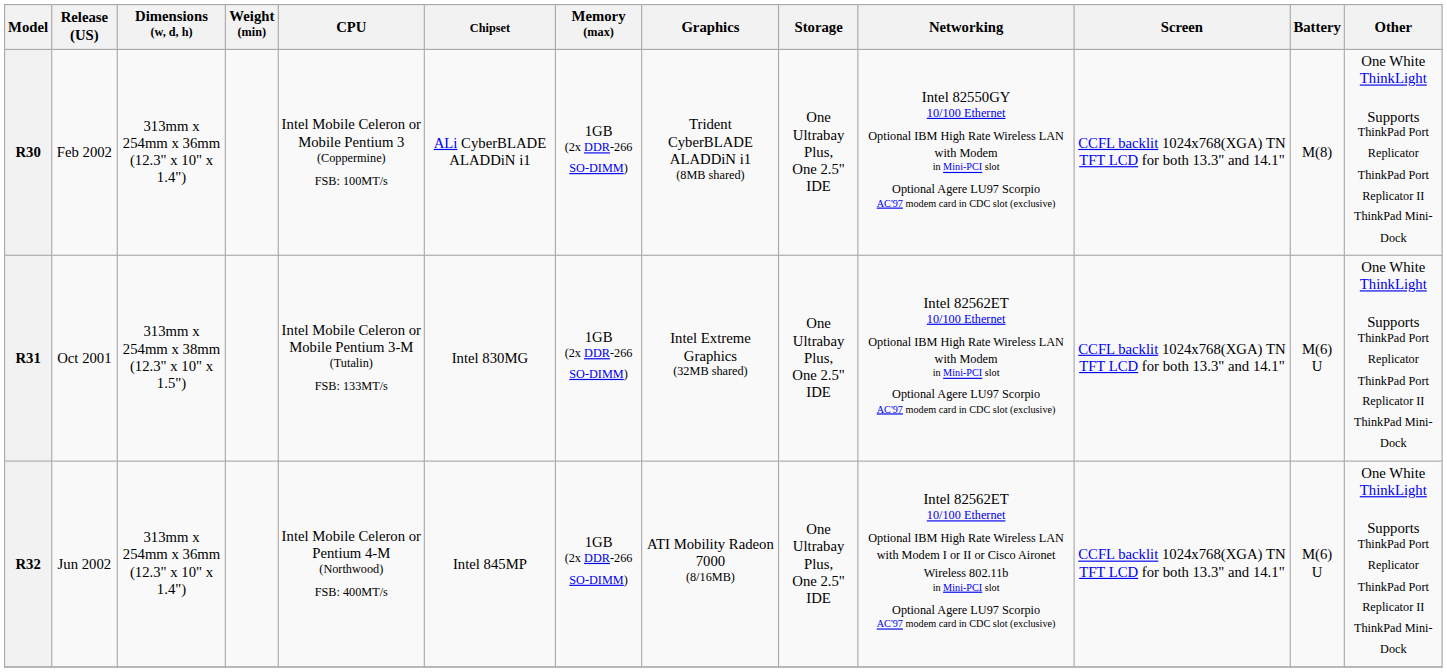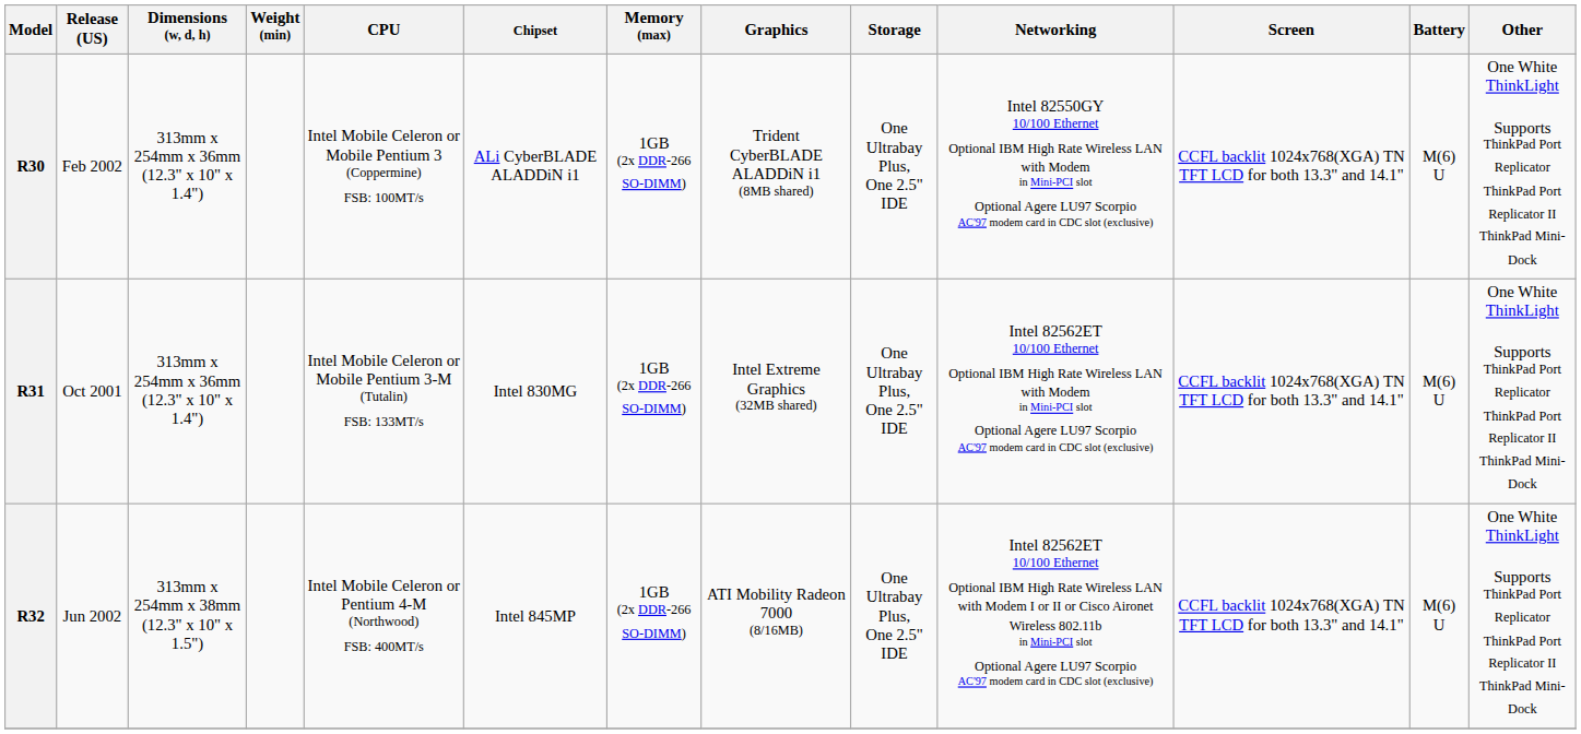 <table class="wikitable" style="font-size: 80%; minwidth: 100%; text-align: center;">
 <tr>
 <th>Model</th>
 <th>Release (US)</th>
 <th>Dimensions <br><sup>(w, d, h)</sup></th>
 <th>Weight <br><sup>(min)</sup></th>
 <th>CPU</th>
 <th><small>Chipset</small></th>
 <th>Memory <sup>(max)</sup></th>
 <th>Graphics</th>
 <th>Storage</th>
 <th>Networking</th>
 <th>Screen</th>
 <th>Battery</th>
 <th>Other</th>
 </tr>
 <tr>
 <th>R30 </th>
 <td>Feb 2002</td>
 <td>313mm x 254mm x 36mm <br>(12.3" x 10" x 1.4")</td>
 <td></td>
 <td style="background:">Intel Mobile Celeron or Mobile Pentium 3 <br><sup>(Coppermine)</sup> <br><small>FSB: 100MT/s</small></td>
 <td><a href='#'>ALi</a> CyberBLADE ALADDiN i1</td>
 <td style="background:">1GB <br><sup>(2x <a href='#'>DDR</a>-266 <a href='#'>SO-DIMM</a>)</sup></td>
 <td style="background:">Trident CyberBLADE ALADDiN i1 <br><sup>(8MB shared)</sup></td>
 <td style="background:">One Ultrabay Plus, <br>One 2.5" IDE</td>
 <td>Intel 82550GY <br><sup><a href='#'>10/100 Ethernet</a></sup> <small><br>Optional IBM High Rate Wireless LAN with Modem <br><sup>in <a href='#'>Mini-PCI</a> slot</sup> <br>Optional Agere LU97 Scorpio <br><sup><a href='#'>AC'97</a> modem card in CDC slot (exclusive)</sup></small></td>
 <td style="background:"><a href='#'>CCFL backlit</a> 1024x768(XGA) TN <a href='#'>TFT LCD</a> for both 13.3" and 14.1"</td>
-<td style="background:">M(8)</td>
+<td style="background:">M(6) <br>U</td>
 <td>One White <a href='#'>ThinkLight</a> <br><br>Supports <sup><br>ThinkPad Port Replicator<br>ThinkPad Port Replicator II<br>ThinkPad Mini-Dock</sup></td>
 </tr>
 <tr>
 <th>R31 </th>
 <td>Oct 2001</td>
-<td>313mm x 254mm x 38mm <br>(12.3" x 10" x 1.5")</td>
+<td>313mm x 254mm x 36mm <br>(12.3" x 10" x 1.4")</td>
 <td></td>
 <td style="background:">Intel Mobile Celeron or Mobile Pentium 3-M <br><sup>(Tutalin)</sup> <br><small>FSB: 133MT/s</small></td>
 <td>Intel 830MG</td>
 <td style="background:">1GB <br><sup>(2x <a href='#'>DDR</a>-266 <a href='#'>SO-DIMM</a>)</sup></td>
 <td style="background:">Intel Extreme Graphics <br><sup>(32MB shared)</sup></td>
 <td style="background:">One Ultrabay Plus, <br>One 2.5" IDE</td>
 <td>Intel 82562ET <br><sup><a href='#'>10/100 Ethernet</a></sup> <small><br>Optional IBM High Rate Wireless LAN with Modem <br><sup>in <a href='#'>Mini-PCI</a> slot</sup> <br>Optional Agere LU97 Scorpio <br><sup><a href='#'>AC'97</a> modem card in CDC slot (exclusive)</sup></small></td>
 <td style="background:"><a href='#'>CCFL backlit</a> 1024x768(XGA) TN <a href='#'>TFT LCD</a> for both 13.3" and 14.1"</td>
 <td style="background:">M(6) <br>U</td>
 <td>One White <a href='#'>ThinkLight</a> <br><br>Supports <sup><br>ThinkPad Port Replicator<br>ThinkPad Port Replicator II<br>ThinkPad Mini-Dock</sup></td>
 </tr>
 <tr>
 <th>R32 </th>
 <td>Jun 2002</td>
-<td>313mm x 254mm x 36mm <br>(12.3" x 10" x 1.4")</td>
+<td>313mm x 254mm x 38mm <br>(12.3" x 10" x 1.5")</td>
 <td></td>
 <td style="background:">Intel Mobile Celeron or Pentium 4-M <br><sup>(Northwood)</sup> <br><small>FSB: 400MT/s</small></td>
 <td>Intel 845MP</td>
 <td style="background:">1GB <br><sup>(2x <a href='#'>DDR</a>-266 <a href='#'>SO-DIMM</a>)</sup></td>
 <td style="background:">ATI Mobility Radeon 7000 <br><sup>(8/16MB)</sup></td>
 <td style="background:">One Ultrabay Plus, <br>One 2.5" IDE</td>
 <td>Intel 82562ET <br><sup><a href='#'>10/100 Ethernet</a></sup> <small><br>Optional IBM High Rate Wireless LAN with Modem I or II or Cisco Aironet Wireless 802.11b<br><sup>in <a href='#'>Mini-PCI</a> slot</sup> <br>Optional Agere LU97 Scorpio <br><sup><a href='#'>AC'97</a> modem card in CDC slot (exclusive)</sup></small></td>
 <td style="background:"><a href='#'>CCFL backlit</a> 1024x768(XGA) TN <a href='#'>TFT LCD</a> for both 13.3" and 14.1"</td>
 <td style="background:">M(6) <br>U</td>
 <td>One White <a href='#'>ThinkLight</a> <br><br>Supports <sup><br>ThinkPad Port Replicator<br>ThinkPad Port Replicator II<br>ThinkPad Mini-Dock</sup></td>
 </tr>
 <tr>
 </tr>
 </table>
